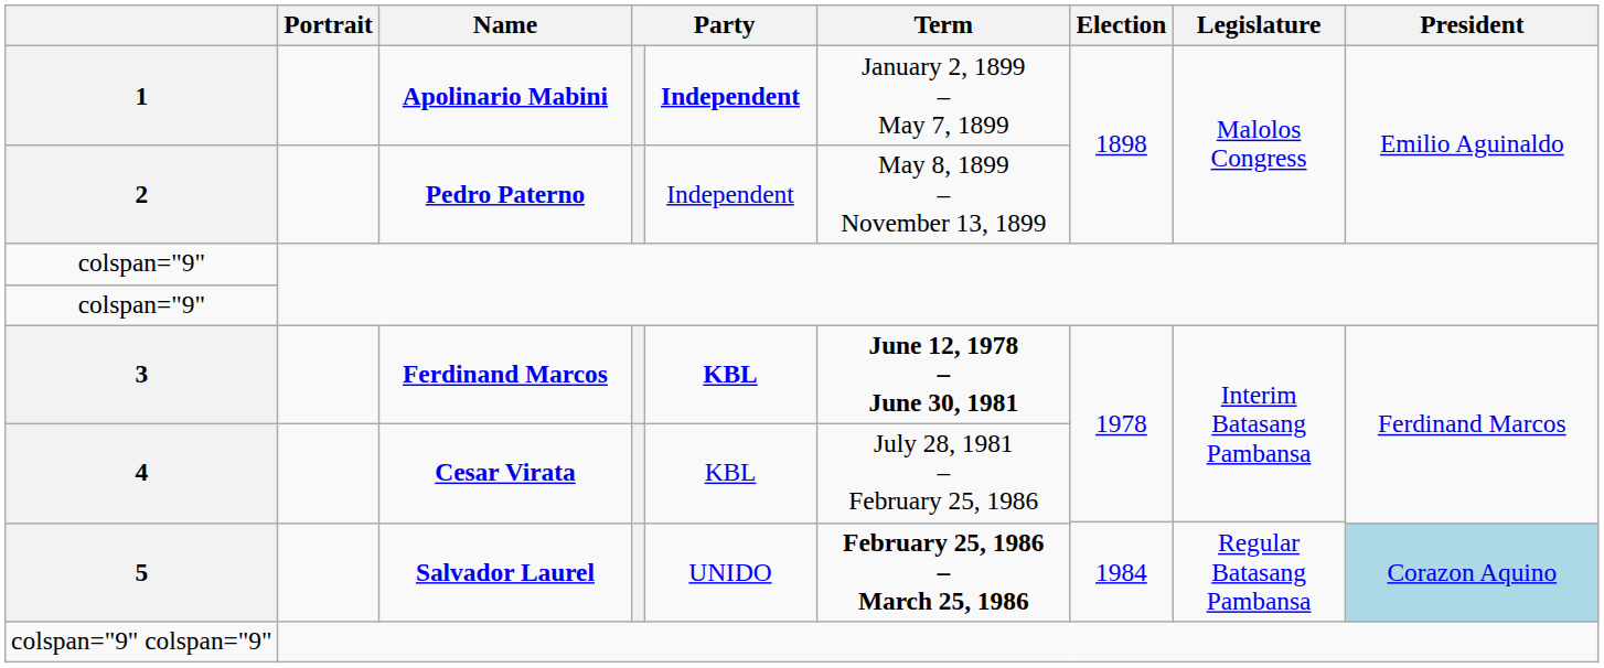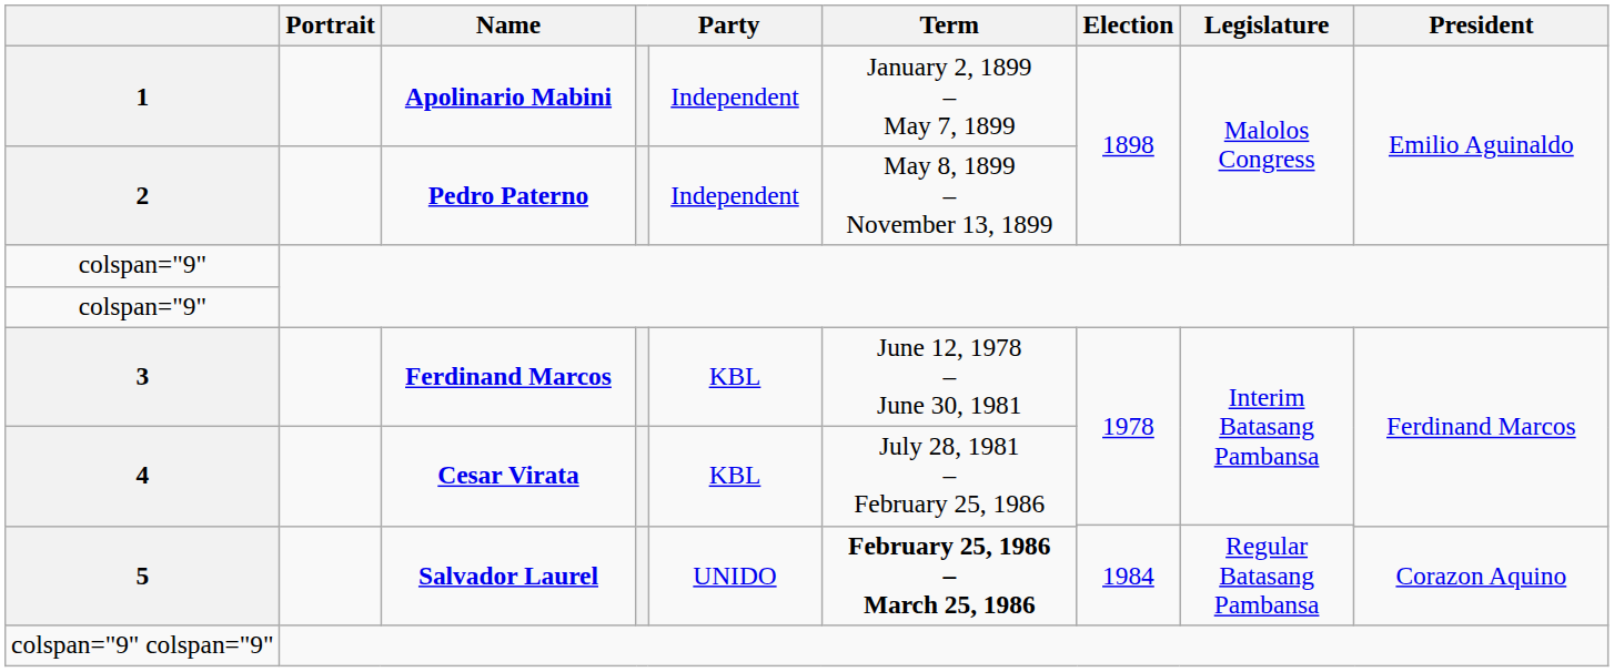 <table class="wikitable" style="text-align:center">
 <tr>
 <th></th>
 <th scope="col">Portrait</th>
 <th scope="col" width="150px">Name<br></th>
 <th colspan="2">Party</th>
 <th width="150px">Term</th>
 <th>Election</th>
 <th width="100px">Legislature</th>
 <th width="150px">President</th>
 </tr>
 <tr>
 <th>1</th>
 <td></td>
 <td><strong><a href='#'>Apolinario Mabini</a></strong><br></td>
 <th style="background:"></th>
-<td width=100px><strong><a href='#'>Independent</a></strong></td>
+<td width=100px><a href='#'>Independent</a></td>
 <td>January 2, 1899<br>–<br>May 7, 1899<br></td>
 <td rowspan="2"><a href='#'>1898</a></td>
 <td rowspan="2"><a href='#'>Malolos Congress</a></td>
 <td rowspan="2"><a href='#'>Emilio Aguinaldo</a></td>
 </tr>
 <tr>
 <th>2</th>
 <td></td>
 <td><strong><a href='#'>Pedro Paterno</a></strong><br></td>
 <th style="background:"></th>
 <td><a href='#'>Independent</a></td>
 <td>May 8, 1899<br>–<br>November 13, 1899<br></td>
 </tr>
 <tr>
 <td>colspan="9" </td>
 </tr>
 <tr>
 <td>colspan="9" </td>
 </tr>
 <tr>
 <th>3</th>
 <td></td>
 <td><strong><a href='#'>Ferdinand Marcos</a></strong><br></td>
 <th style="background:"></th>
-<td><strong><a href='#'>KBL</a></strong></td>
-<td><strong>June 12, 1978<br>–<br>June 30, 1981<br></strong></td>
+<td><a href='#'>KBL</a></td>
+<td>June 12, 1978<br>–<br>June 30, 1981<br></td>
 <td rowspan="2"><a href='#'>1978</a></td>
 <td rowspan="2"><a href='#'>Interim Batasang Pambansa</a></td>
 <td rowspan="3"><a href='#'>Ferdinand Marcos</a></td>
 </tr>
 <tr style="height:61px">
 <th rowspan="2">4</th>
 <td rowspan="2"></td>
 <td rowspan="2"><strong><a href='#'>Cesar Virata</a></strong><br></td>
 <th rowspan="2" style="background:"></th>
 <td rowspan="2"><a href='#'>KBL</a></td>
 <td rowspan="2">July 28, 1981<br>–<br>February 25, 1986<br></td>
 </tr>
 <tr>
 <td rowspan="2"><a href='#'>1984</a></td>
 <td rowspan="2"><a href='#'>Regular Batasang Pambansa</a></td>
 </tr>
 <tr>
 <th>5</th>
 <td></td>
 <td><strong><a href='#'>Salvador Laurel</a></strong><br></td>
 <th style="background:"></th>
 <td><a href='#'>UNIDO</a></td>
 <td><strong>February 25, 1986<br>–<br>March 25, 1986<br></strong></td>
-<td style="background: lightblue;"><a href='#'>Corazon Aquino</a></td>
+<td><a href='#'>Corazon Aquino</a></td>
 </tr>
 <tr>
 <td>colspan="9" colspan="9" </td>
 </tr>
 </table>
